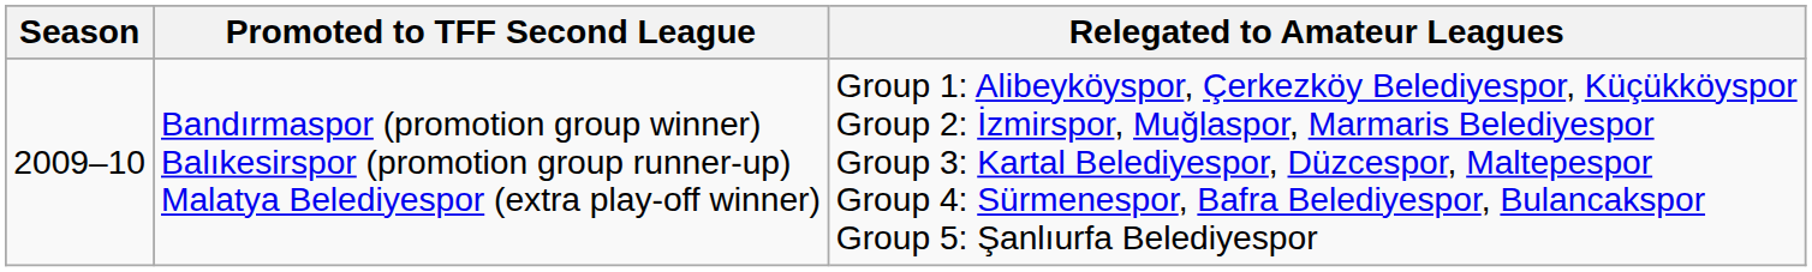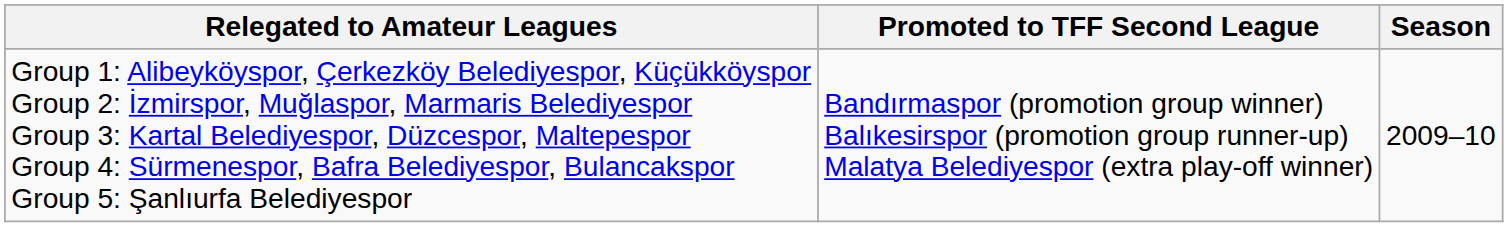 <table class="wikitable">
 <tr>
+<th>Relegated to Amateur Leagues</th>
+<th>Promoted to TFF Second League</th>
 <th>Season</th>
-<th>Promoted to TFF Second League</th>
-<th>Relegated to Amateur Leagues</th>
 </tr>
 <tr>
+<td>Group 1: <a href='#'>Alibeyköyspor</a>, <a href='#'>Çerkezköy Belediyespor</a>, <a href='#'>Küçükköyspor</a><br>Group 2: <a href='#'>İzmirspor</a>, <a href='#'>Muğlaspor</a>, <a href='#'>Marmaris Belediyespor</a><br>Group 3: <a href='#'>Kartal Belediyespor</a>, <a href='#'>Düzcespor</a>, <a href='#'>Maltepespor</a><br>Group 4: <a href='#'>Sürmenespor</a>, <a href='#'>Bafra Belediyespor</a>, <a href='#'>Bulancakspor</a><br>Group 5: Şanlıurfa Belediyespor</td>
+<td><a href='#'>Bandırmaspor</a> (promotion group winner)<br><a href='#'>Balıkesirspor</a> (promotion group runner-up)<br><a href='#'>Malatya Belediyespor</a> (extra play-off winner)</td>
 <td>2009–10</td>
-<td><a href='#'>Bandırmaspor</a> (promotion group winner)<br><a href='#'>Balıkesirspor</a> (promotion group runner-up)<br><a href='#'>Malatya Belediyespor</a> (extra play-off winner)</td>
-<td>Group 1: <a href='#'>Alibeyköyspor</a>, <a href='#'>Çerkezköy Belediyespor</a>, <a href='#'>Küçükköyspor</a><br>Group 2: <a href='#'>İzmirspor</a>, <a href='#'>Muğlaspor</a>, <a href='#'>Marmaris Belediyespor</a><br>Group 3: <a href='#'>Kartal Belediyespor</a>, <a href='#'>Düzcespor</a>, <a href='#'>Maltepespor</a><br>Group 4: <a href='#'>Sürmenespor</a>, <a href='#'>Bafra Belediyespor</a>, <a href='#'>Bulancakspor</a><br>Group 5: Şanlıurfa Belediyespor</td>
 </tr>
 </table>
